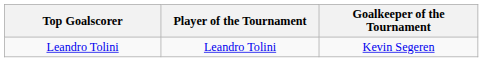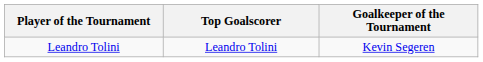 <table class=wikitable style="margin:auto; text-align:center">
 <tr>
+<th style="width: 250px;">Player of the Tournament</th>
 <th style="width: 250px;">Top Goalscorer</th>
-<th style="width: 250px;">Player of the Tournament</th>
 <th style="width: 250px;">Goalkeeper of the Tournament</th>
 </tr>
 <tr>
 <td> <a href='#'>Leandro Tolini</a></td>
 <td> <a href='#'>Leandro Tolini</a></td>
 <td> <a href='#'>Kevin Segeren</a></td>
 </tr>
 </table>
